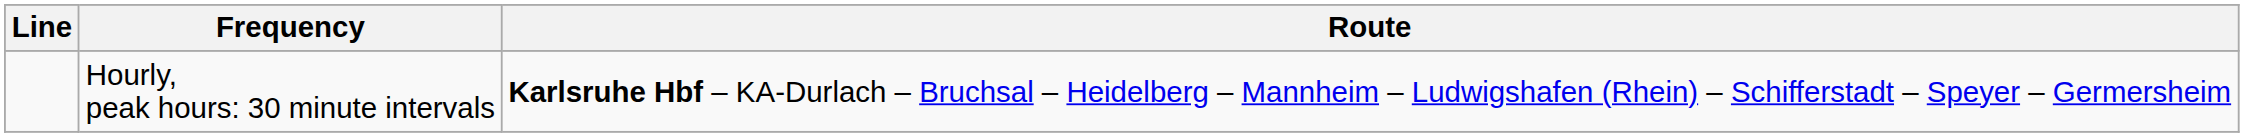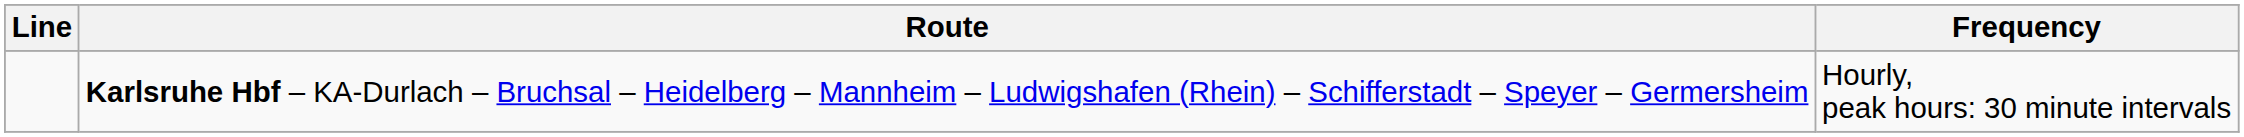 <table class="wikitable">
 <tr>
 <th>Line</th>
+<th>Route</th>
 <th>Frequency</th>
-<th>Route</th>
 </tr>
 <tr>
 <td></td>
+<td><strong>Karlsruhe Hbf</strong> – KA-Durlach – <a href='#'>Bruchsal</a> – <a href='#'>Heidelberg</a> – <a href='#'>Mannheim</a> – <a href='#'>Ludwigshafen (Rhein)</a> – <a href='#'>Schifferstadt</a> – <a href='#'>Speyer</a> – <a href='#'>Germersheim</a></td>
 <td>Hourly,<br>peak hours: 30 minute intervals</td>
-<td><strong>Karlsruhe Hbf</strong> – KA-Durlach – <a href='#'>Bruchsal</a> – <a href='#'>Heidelberg</a> – <a href='#'>Mannheim</a> – <a href='#'>Ludwigshafen (Rhein)</a> – <a href='#'>Schifferstadt</a> – <a href='#'>Speyer</a> – <a href='#'>Germersheim</a></td>
 </tr>
 </table>
